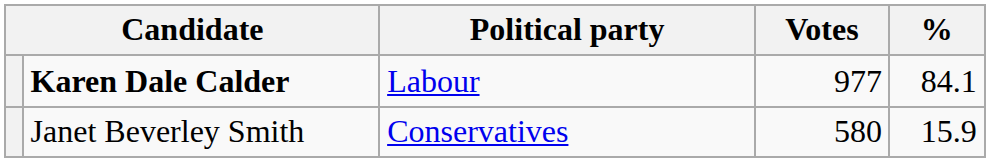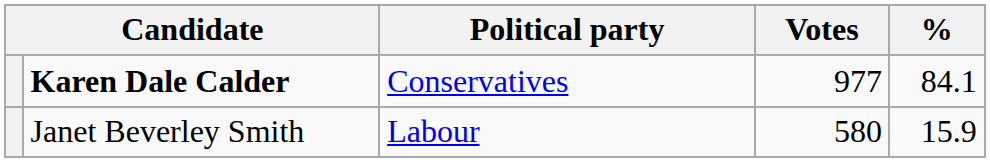 <table class="wikitable">
 <tr>
 <th valign=top colspan="2" style="width: 180px">Candidate</th>
 <th valign=top style="width: 180px">Political party</th>
 <th valign=top style="width: 60px">Votes</th>
 <th valign=top style="width: 40px">%</th>
 </tr>
 <tr>
 <th style="background-color: "></th>
 <td><strong>Karen Dale Calder</strong></td>
-<td><a href='#'>Labour</a></td>
+<td><a href='#'>Conservatives</a></td>
 <td align="right">977</td>
 <td align="right">84.1</td>
 </tr>
 <tr>
 <th style="background-color: "></th>
 <td>Janet Beverley Smith</td>
-<td><a href='#'>Conservatives</a></td>
+<td><a href='#'>Labour</a></td>
 <td align="right">580</td>
 <td align="right">15.9</td>
 </tr>
 <tr>
 </tr>
 </table>
